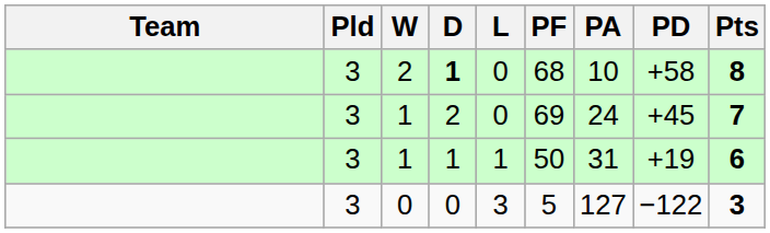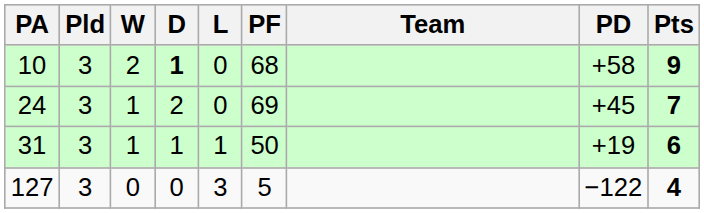 <table class="wikitable" style="text-align:center;">
 <tr>
-<th width=175>Team</th>
+<th width=20 abbr="Points against">PA</th>
 <th width=20 abbr="Played">Pld</th>
 <th width=20 abbr="Won">W</th>
 <th width=20 abbr="Drawn">D</th>
 <th width=20 abbr="Lost">L</th>
 <th width=20 abbr="Points for">PF</th>
-<th width=20 abbr="Points against">PA</th>
+<th width=175>Team</th>
 <th width=25 abbr="Points difference">PD</th>
 <th width=20 abbr="Points">Pts</th>
 </tr>
 <tr bgcolor=ccffcc>
-<td align=left></td>
+<td>10</td>
 <td>3</td>
 <td>2</td>
 <td><strong>1</strong></td>
 <td>0</td>
 <td>68</td>
-<td>10</td>
+<td align=left></td>
 <td>+58</td>
-<td><strong>8</strong></td>
+<td><strong>9</strong></td>
 </tr>
 <tr bgcolor=ccffcc>
-<td align=left></td>
+<td>24</td>
 <td>3</td>
 <td>1</td>
 <td>2</td>
 <td>0</td>
 <td>69</td>
-<td>24</td>
+<td align=left></td>
 <td>+45</td>
 <td><strong>7</strong></td>
 </tr>
 <tr bgcolor=ccffcc>
-<td align=left></td>
+<td>31</td>
 <td>3</td>
 <td>1</td>
 <td>1</td>
 <td>1</td>
 <td>50</td>
-<td>31</td>
+<td align=left></td>
 <td>+19</td>
 <td><strong>6</strong></td>
 </tr>
 <tr>
-<td align=left></td>
+<td>127</td>
 <td>3</td>
 <td>0</td>
 <td>0</td>
 <td>3</td>
 <td>5</td>
-<td>127</td>
+<td align=left></td>
 <td>−122</td>
-<td><strong>3</strong></td>
+<td><strong>4</strong></td>
 </tr>
 </table>
